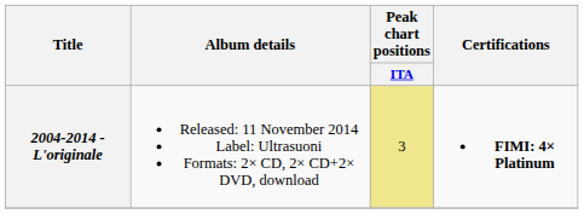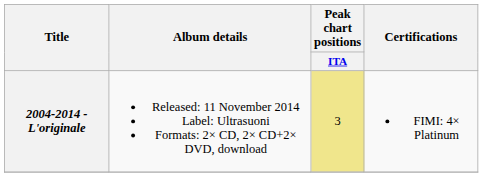 <table class="wikitable plainrowheaders" style="text-align:center;" border="1">
 <tr>
 <th scope="column" rowspan="2">Title</th>
 <th scope="column" rowspan="2">Album details</th>
 <th scope="column" colspan="1">Peak chart positions</th>
 <th scope="column" rowspan="2">Certifications</th>
 </tr>
 <tr>
 <th scope="col" style="width:3em;font-size:90%;"><a href='#'>ITA</a><br></th>
 </tr>
 <tr>
 <th scope="row"><em>2004-2014 - L'originale</em></th>
 <td><br><ul><li>Released: 11 November 2014</li><li>Label: Ultrasuoni</li><li>Formats: 2× CD, 2× CD+2× DVD, download</li></ul></td>
 <td style="background: khaki;">3</td>
-<td><strong><br><ul><li>FIMI: 4× Platinum</li></ul></strong></td>
+<td><br><ul><li>FIMI: 4× Platinum</li></ul></td>
 </tr>
 <tr>
 </tr>
 </table>
